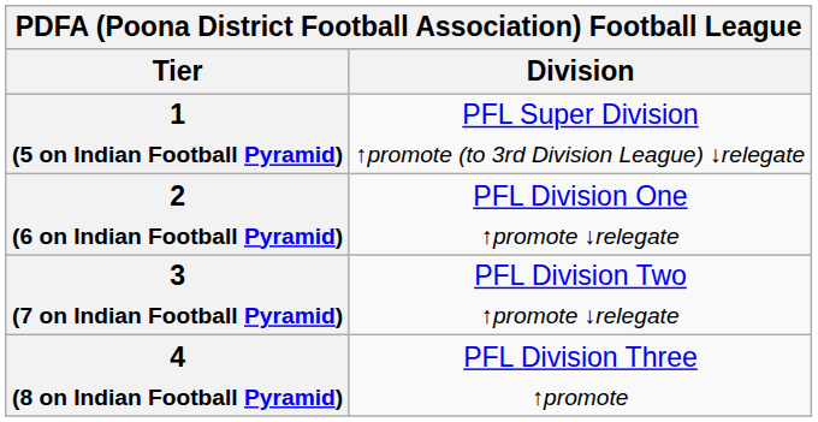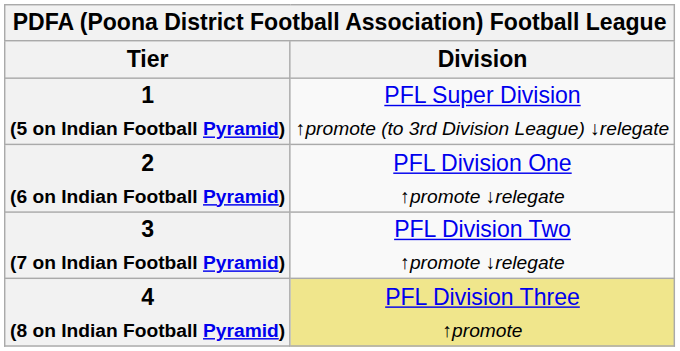 <table class="wikitable" style="text-align:center;">
 <tr>
 <th colspan="2">PDFA (Poona District Football Association) Football League</th>
 </tr>
 <tr>
 <th>Tier</th>
 <th>Division</th>
 </tr>
 <tr>
 <th>1<br><sub>(5 on Indian Football <a href='#'>Pyramid</a>)</sub></th>
 <td><a href='#'>PFL Super Division</a><br><em><sub>↑promote (to 3rd Division League) ↓relegate</sub></em></td>
 </tr>
 <tr>
 <th>2<br><sub>(6 on Indian Football <a href='#'>Pyramid</a>)</sub></th>
 <td><a href='#'>PFL Division One</a><br><em><sub>↑promote ↓relegate</sub></em></td>
 </tr>
 <tr>
 <th>3<br><sub>(7 on Indian Football <a href='#'>Pyramid</a>)</sub></th>
 <td><a href='#'>PFL Division Two</a><br><em><sub>↑promote ↓relegate</sub></em></td>
 </tr>
 <tr>
 <th>4<br><sub>(8 on Indian Football <a href='#'>Pyramid</a>)</sub></th>
-<td><a href='#'>PFL Division Three</a><br><em><sub>↑promote</sub></em></td>
+<td style="background: khaki;"><a href='#'>PFL Division Three</a><br><em><sub>↑promote</sub></em></td>
 </tr>
 </table>
